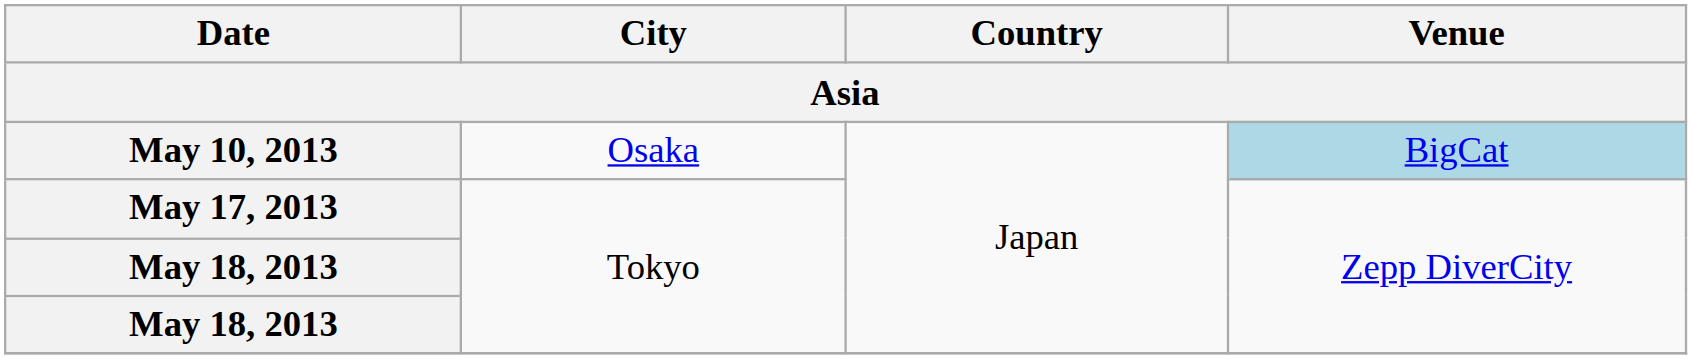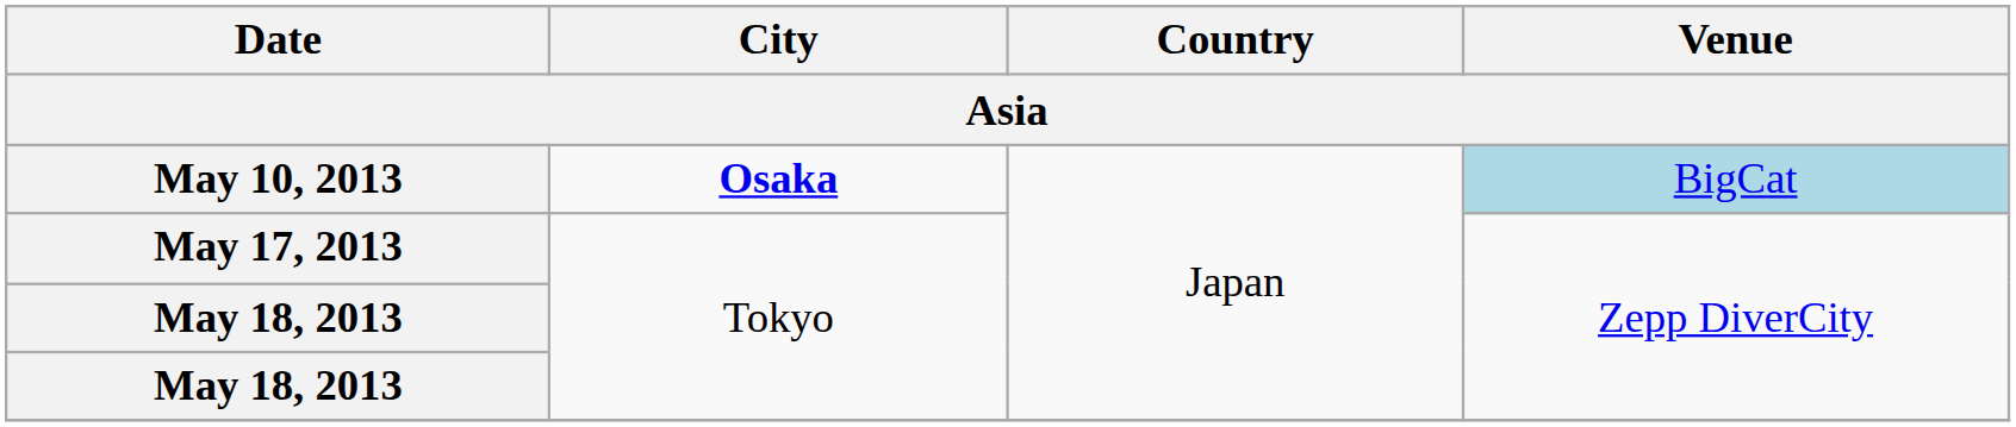 <table class="wikitable plainrowheaders" style="text-align:center;">
 <tr>
 <th scope="col" style="width:12em;">Date</th>
 <th scope="col" style="width:10em;">City</th>
 <th scope="col" style="width:10em;">Country</th>
 <th scope="col" style="width:12em;">Venue</th>
 </tr>
 <tr>
 <th colspan="7">Asia</th>
 </tr>
 <tr>
 <th scope="row" style="text-align:center">May 10, 2013</th>
-<td><a href='#'>Osaka</a></td>
+<td><strong><a href='#'>Osaka</a></strong></td>
 <td rowspan="4">Japan</td>
 <td style="background: lightblue;"><a href='#'>BigCat</a></td>
 </tr>
 <tr>
 <th scope="row" style="text-align:center">May 17, 2013</th>
 <td rowspan="3">Tokyo</td>
 <td rowspan="3"><a href='#'>Zepp DiverCity</a></td>
 </tr>
 <tr>
 <th scope="row" style="text-align:center">May 18, 2013</th>
 </tr>
 <tr>
 <th scope="row" style="text-align:center">May 18, 2013</th>
 </tr>
 <tr>
 </tr>
 </table>
